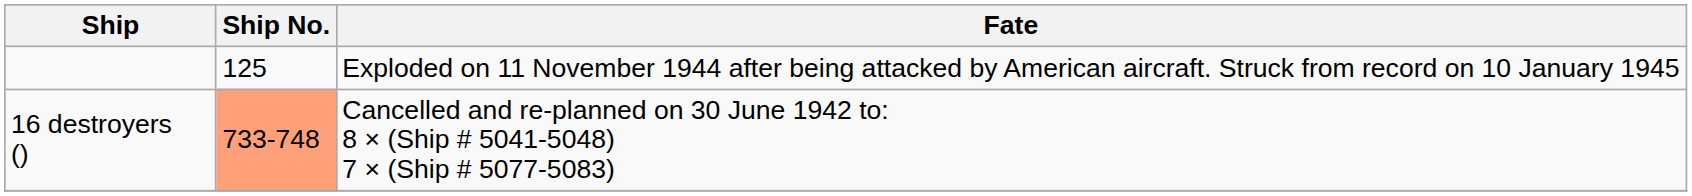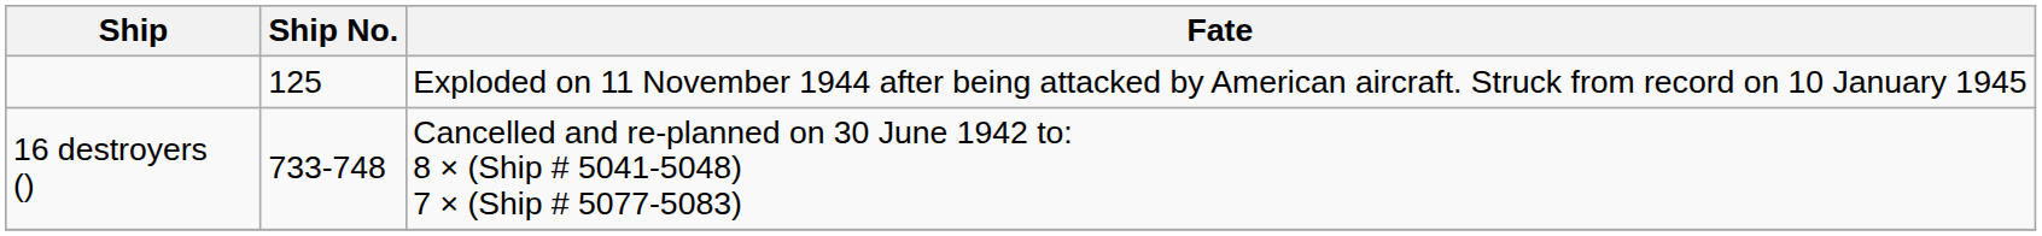 <table class="wikitable">
 <tr>
 <th width=120>Ship</th>
 <th>Ship No.</th>
 <th>Fate</th>
 </tr>
 <tr>
 <td></td>
 <td>125</td>
 <td>Exploded on 11 November 1944 after being attacked by American aircraft.  Struck from record on 10 January 1945</td>
 </tr>
 <tr>
 <td>16 destroyers<br>()</td>
-<td style="background: lightsalmon;">733-748</td>
+<td>733-748</td>
 <td>Cancelled and re-planned on 30 June 1942 to: <br>8 ×  (Ship # 5041-5048)<br>7 ×  (Ship # 5077-5083)</td>
 </tr>
 <tr>
 </tr>
 </table>
